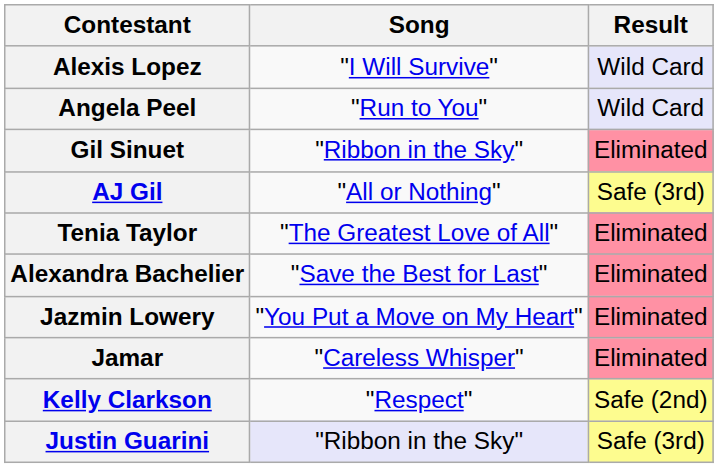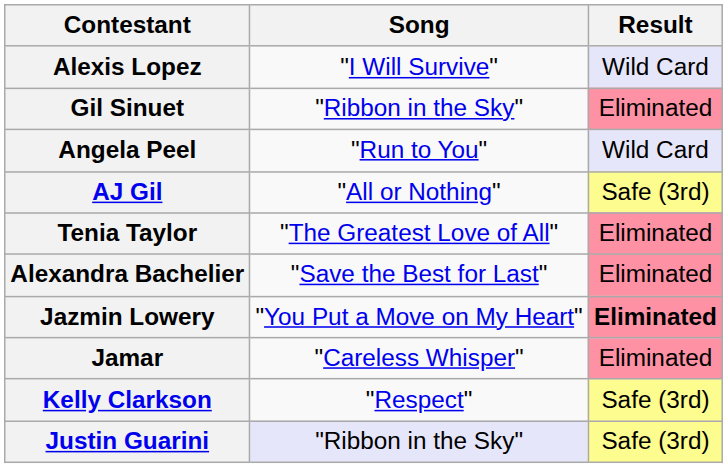 <table class="wikitable" style="text-align:center; line-height:20px;">
 <tr>
 <th scope="col">Contestant</th>
 <th scope="col">Song</th>
 <th scope="col">Result</th>
 </tr>
 <tr>
 <th scope="row">Alexis Lopez</th>
 <td>"<a href='#'>I Will Survive</a>"</td>
 <td style="background:#E6E6FA;">Wild Card</td>
 </tr>
 <tr>
+<th scope="row">Gil Sinuet</th>
+<td>"<a href='#'>Ribbon in the Sky</a>"</td>
+<td style="background:#FF91A4;">Eliminated</td>
+</tr>
+<tr>
 <th scope="row">Angela Peel</th>
 <td>"<a href='#'>Run to You</a>"</td>
 <td style="background:#E6E6FA;">Wild Card</td>
-</tr>
-<tr>
-<th scope="row">Gil Sinuet</th>
-<td>"<a href='#'>Ribbon in the Sky</a>"</td>
-<td style="background:#FF91A4;">Eliminated</td>
 </tr>
 <tr>
 <th scope="row"><a href='#'>AJ Gil</a></th>
 <td>"<a href='#'>All or Nothing</a>"</td>
 <td style="background:#fdfc8f;">Safe (3rd)</td>
 </tr>
 <tr>
 <th scope="row">Tenia Taylor</th>
 <td>"<a href='#'>The Greatest Love of All</a>"</td>
 <td style="background:#FF91A4;">Eliminated</td>
 </tr>
 <tr>
 <th scope="row">Alexandra Bachelier</th>
 <td>"<a href='#'>Save the Best for Last</a>"</td>
 <td style="background:#FF91A4;">Eliminated</td>
 </tr>
 <tr>
 <th scope="row">Jazmin Lowery</th>
 <td>"<a href='#'>You Put a Move on My Heart</a>"</td>
-<td style="background:#FF91A4;">Eliminated</td>
+<td style="background:#FF91A4;"><strong>Eliminated</strong></td>
 </tr>
 <tr>
 <th scope="row">Jamar</th>
 <td>"<a href='#'>Careless Whisper</a>"</td>
 <td style="background:#FF91A4;">Eliminated</td>
 </tr>
 <tr>
 <th scope="row"><a href='#'>Kelly Clarkson</a></th>
 <td>"<a href='#'>Respect</a>"</td>
-<td style="background:#fdfc8f;">Safe (2nd)</td>
+<td style="background:#fdfc8f;">Safe (3rd)</td>
 </tr>
 <tr>
 <th scope="row"><a href='#'>Justin Guarini</a></th>
 <td style="background: lavender;">"Ribbon in the Sky"</td>
 <td style="background:#fdfc8f;">Safe (3rd)</td>
 </tr>
 </table>
